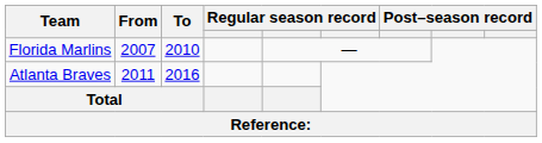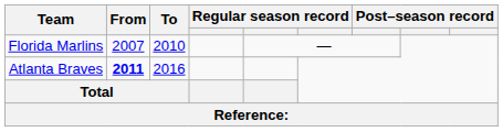 <table class="wikitable" Style="text-align: center;font-size:90%">
 <tr>
 <th rowspan="2">Team</th>
 <th rowspan="2">From</th>
 <th rowspan="2">To</th>
 <th colspan="3">Regular season record</th>
 <th colspan="3">Post–season record</th>
 </tr>
 <tr>
 <th></th>
 <th></th>
 <th></th>
 <th></th>
 <th></th>
 <th></th>
 </tr>
 <tr>
 <td><a href='#'>Florida Marlins</a></td>
 <td><a href='#'>2007</a></td>
 <td><a href='#'>2010</a></td>
 <td></td>
 <td colspan="3"> —</td>
 </tr>
 <tr>
 <td><a href='#'>Atlanta Braves</a></td>
-<td><a href='#'>2011</a></td>
+<td><strong><a href='#'>2011</a></strong></td>
 <td><a href='#'>2016</a></td>
 <td></td>
 <td></td>
 </tr>
 <tr>
 <th colspan="3">Total</th>
 <th></th>
 <th></th>
 </tr>
 <tr>
 <th colspan="9">Reference:</th>
 </tr>
 </table>
